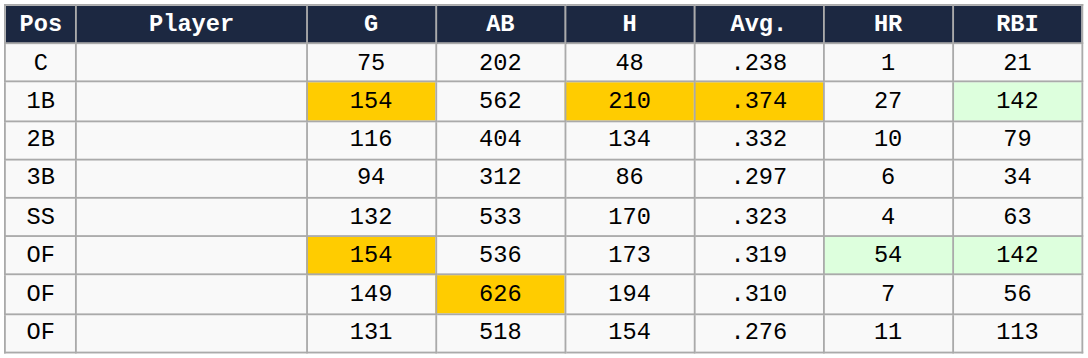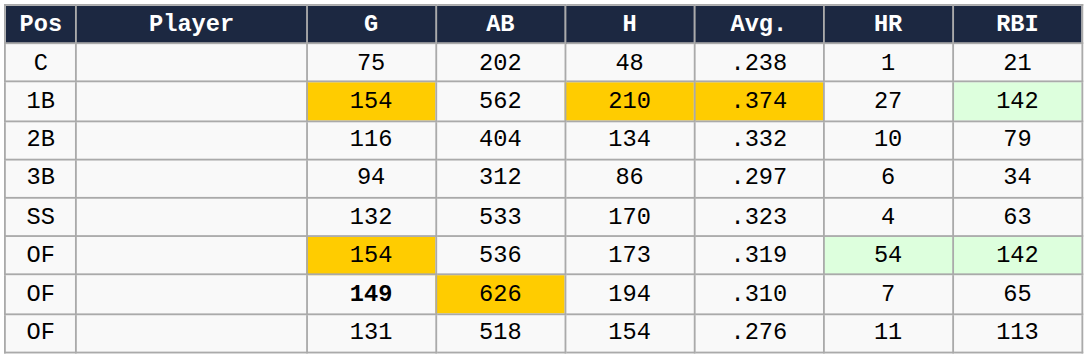 <table class="wikitable sortable">
 <tr>
 <th style="background:#1c2841; color:white; width:5%;">Pos</th>
 <th style="background:#1c2841; color:white; width:16%;">Player</th>
 <th style="background:#1c2841; color:white; width:9%;">G</th>
 <th style="background:#1c2841; color:white; width:9%;">AB</th>
 <th style="background:#1c2841; color:white; width:9%;">H</th>
 <th style="background:#1c2841; color:white; width:9%;">Avg.</th>
 <th style="background:#1c2841; color:white; width:9%;">HR</th>
 <th style="background:#1c2841; color:white; width:9%;">RBI</th>
 </tr>
 <tr style="text-align:center;">
 <td>C</td>
 <td></td>
 <td>75</td>
 <td>202</td>
 <td>48</td>
 <td>.238</td>
 <td>1</td>
 <td>21</td>
 </tr>
 <tr align="center">
 <td>1B</td>
 <td></td>
 <td style="background:#fc0;">154</td>
 <td>562</td>
 <td style="background:#fc0;">210</td>
 <td style="background:#fc0;">.374</td>
 <td>27</td>
 <td style="background:#DDFFDD;">142</td>
 </tr>
 <tr align="center">
 <td>2B</td>
 <td></td>
 <td>116</td>
 <td>404</td>
 <td>134</td>
 <td>.332</td>
 <td>10</td>
 <td>79</td>
 </tr>
 <tr align="center">
 <td>3B</td>
 <td></td>
 <td>94</td>
 <td>312</td>
 <td>86</td>
 <td>.297</td>
 <td>6</td>
 <td>34</td>
 </tr>
 <tr align="center">
 <td>SS</td>
 <td></td>
 <td>132</td>
 <td>533</td>
 <td>170</td>
 <td>.323</td>
 <td>4</td>
 <td>63</td>
 </tr>
 <tr align="center">
 <td>OF</td>
 <td></td>
 <td style="background:#fc0;">154</td>
 <td>536</td>
 <td>173</td>
 <td>.319</td>
 <td style="background:#DDFFDD;">54</td>
 <td style="background:#DDFFDD;">142</td>
 </tr>
 <tr align="center">
 <td>OF</td>
 <td></td>
-<td>149</td>
+<td><strong>149</strong></td>
 <td style="background:#fc0;">626</td>
 <td>194</td>
 <td>.310</td>
 <td>7</td>
-<td>56</td>
+<td>65</td>
 </tr>
 <tr align="center">
 <td>OF</td>
 <td></td>
 <td>131</td>
 <td>518</td>
 <td>154</td>
 <td>.276</td>
 <td>11</td>
 <td>113</td>
 </tr>
 </table>
